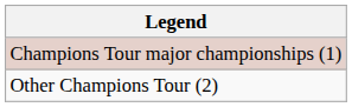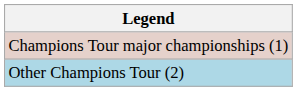 <table class="wikitable" style="font-size:95%;">
 <tr>
 <th>Legend</th>
 </tr>
 <tr style="background:#e5d1cb;">
 <td>Champions Tour major championships (1)</td>
 </tr>
 <tr>
-<td>Other Champions Tour (2)</td>
+<td style="background: lightblue;">Other Champions Tour (2)</td>
 </tr>
 </table>
